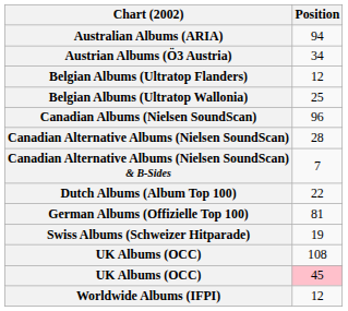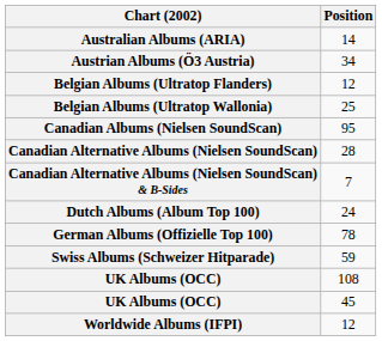 <table class="wikitable sortable plainrowheaders" style="text-align:center">
 <tr>
 <th scope="col">Chart (2002)</th>
 <th scope="col">Position</th>
 </tr>
 <tr>
 <th scope="row">Australian Albums (ARIA)</th>
-<td>94</td>
+<td>14</td>
 </tr>
 <tr>
 <th scope="row">Austrian Albums (Ö3 Austria)</th>
 <td>34</td>
 </tr>
 <tr>
 <th scope="row">Belgian Albums (Ultratop Flanders)</th>
 <td>12</td>
 </tr>
 <tr>
 <th scope="row">Belgian Albums (Ultratop Wallonia)</th>
 <td>25</td>
 </tr>
 <tr>
 <th scope="row">Canadian Albums (Nielsen SoundScan)</th>
-<td>96</td>
+<td>95</td>
 </tr>
 <tr>
 <th scope="row">Canadian Alternative Albums (Nielsen SoundScan)</th>
 <td>28</td>
 </tr>
 <tr>
 <th scope="row">Canadian Alternative Albums (Nielsen SoundScan)<br><small><em>& B-Sides</em></small></th>
 <td>7</td>
 </tr>
 <tr>
 <th scope="row">Dutch Albums (Album Top 100)</th>
-<td>22</td>
+<td>24</td>
 </tr>
 <tr>
 <th scope="row">German Albums (Offizielle Top 100)</th>
-<td>81</td>
+<td>78</td>
 </tr>
 <tr>
 <th scope="row">Swiss Albums (Schweizer Hitparade)</th>
-<td>19</td>
+<td>59</td>
 </tr>
 <tr>
 <th scope="row">UK Albums (OCC)</th>
 <td>108</td>
 </tr>
 <tr>
 <th scope="row">UK Albums (OCC)<br></th>
-<td style="background: pink;">45</td>
+<td>45</td>
 </tr>
 <tr>
 <th scope="row">Worldwide Albums (IFPI)</th>
 <td>12</td>
 </tr>
 </table>
